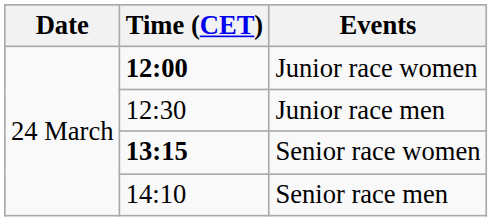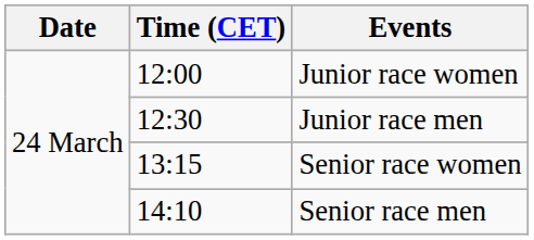 <table class="wikitable" border="1">
 <tr>
 <th>Date</th>
 <th>Time (<a href='#'>CET</a>)</th>
 <th>Events</th>
 </tr>
 <tr>
 <td rowspan=4>24 March</td>
-<td><strong>12:00</strong></td>
+<td>12:00</td>
 <td>Junior race women</td>
 </tr>
 <tr>
 <td>12:30</td>
 <td>Junior race men</td>
 </tr>
 <tr>
-<td><strong>13:15</strong></td>
+<td>13:15</td>
 <td>Senior race women</td>
 </tr>
 <tr>
 <td>14:10</td>
 <td>Senior race men</td>
 </tr>
 </table>
